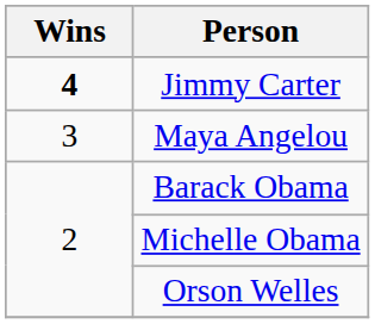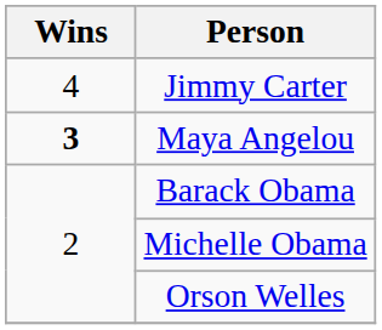 <table class="wikitable" style="text-align: center;">
 <tr>
 <th scope="col" width="55">Wins</th>
 <th scope="col" align="center">Person</th>
 </tr>
 <tr>
-<td rowspan=1><strong>4</strong></td>
+<td rowspan=1>4</td>
 <td><a href='#'>Jimmy Carter</a></td>
 </tr>
 <tr>
-<td rowspan=1>3</td>
+<td rowspan=1><strong>3</strong></td>
 <td><a href='#'>Maya Angelou</a></td>
 </tr>
 <tr>
 <td rowspan=3>2</td>
 <td><a href='#'>Barack Obama</a></td>
 </tr>
 <tr>
 <td><a href='#'>Michelle Obama</a></td>
 </tr>
 <tr>
 <td><a href='#'>Orson Welles</a></td>
 </tr>
 <tr>
 </tr>
 </table>
